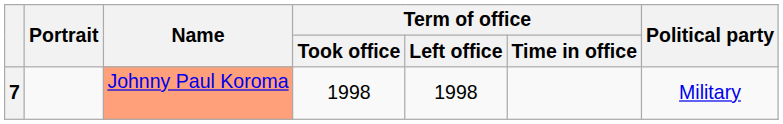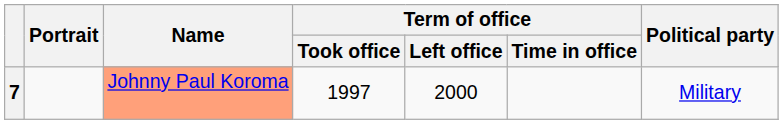 <table class="wikitable" style="text-align:center">
 <tr>
 <th rowspan="2"></th>
 <th rowspan="2">Portrait</th>
 <th rowspan="2">Name<br></th>
 <th colspan="3">Term of office</th>
 <th rowspan="2">Political party</th>
 </tr>
 <tr>
 <th>Took office</th>
 <th>Left office</th>
 <th>Time in office</th>
 </tr>
 <tr>
 <th style="background:">7</th>
 <td></td>
 <td style="background: lightsalmon;"><a href='#'> Johnny Paul Koroma</a><br><br></td>
-<td> 1998</td>
-<td> 1998<br></td>
+<td> 1997</td>
+<td> 2000<br></td>
 <td></td>
 <td><a href='#'>Military</a></td>
 </tr>
 </table>
